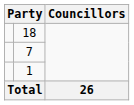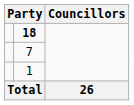 <table class="wikitable">
 <tr>
 <th colspan=2>Party</th>
 <th>Councillors</th>
 </tr>
 <tr>
 <td></td>
-<td align=center>18</td>
+<td align=center><strong>18</strong></td>
 </tr>
 <tr>
 <td></td>
 <td align=center>7</td>
 </tr>
 <tr>
 <td></td>
 <td align=center>1</td>
 </tr>
 <tr>
 <th colspan=2>Total</th>
 <th align=center>26</th>
 </tr>
 </table>
